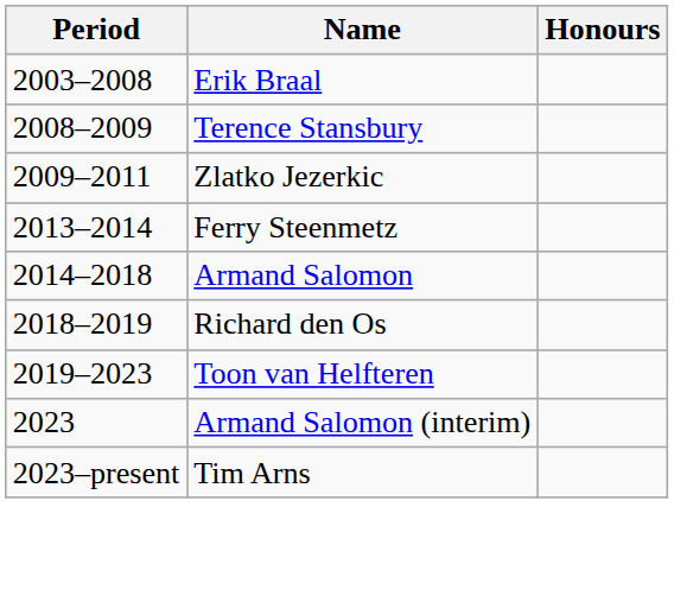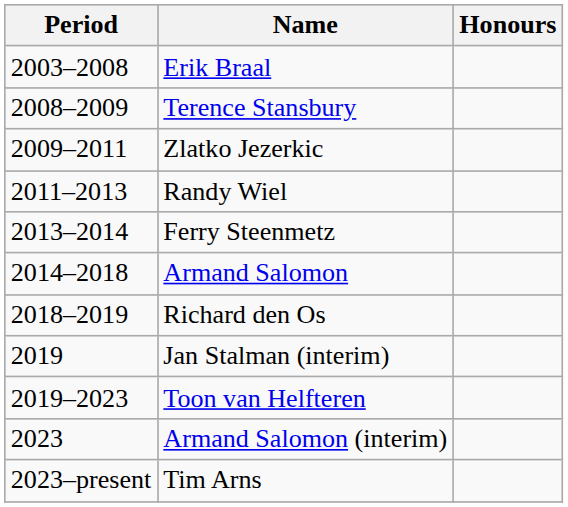 <table class="wikitable">
 <tr>
 <th>Period</th>
 <th>Name</th>
 <th>Honours</th>
 </tr>
 <tr>
 <td>2003–2008</td>
 <td> <a href='#'>Erik Braal</a></td>
 <td></td>
 </tr>
 <tr>
 <td>2008–2009</td>
 <td> <a href='#'>Terence Stansbury</a></td>
 <td></td>
 </tr>
 <tr>
 <td>2009–2011</td>
 <td> Zlatko Jezerkic</td>
 <td></td>
 </tr>
 <tr>
+<td>2011–2013</td>
+<td> Randy Wiel</td>
+<td></td>
+</tr>
+<tr>
 <td>2013–2014</td>
 <td> Ferry Steenmetz</td>
 <td></td>
 </tr>
 <tr>
 <td>2014–2018</td>
 <td> <a href='#'>Armand Salomon</a></td>
 <td></td>
 </tr>
 <tr>
 <td>2018–2019</td>
 <td> Richard den Os</td>
+<td></td>
+</tr>
+<tr>
+<td>2019</td>
+<td> Jan Stalman (interim)</td>
 <td></td>
 </tr>
 <tr>
 <td>2019–2023</td>
 <td> <a href='#'>Toon van Helfteren</a></td>
 <td></td>
 </tr>
 <tr>
 <td>2023</td>
 <td> <a href='#'>Armand Salomon</a> (interim)</td>
 <td></td>
 </tr>
 <tr>
 <td>2023–present</td>
 <td> Tim Arns</td>
 <td></td>
 </tr>
 </table>
